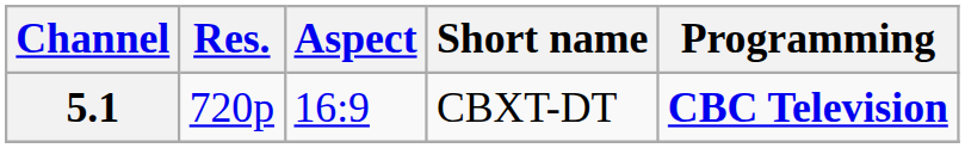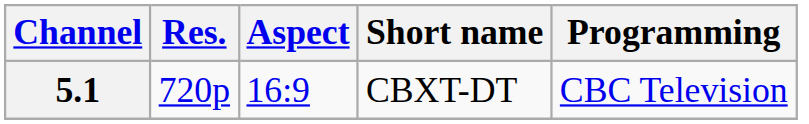 <table class="wikitable">
 <tr>
 <th scope = "col"><a href='#'>Channel</a></th>
 <th scope = "col"><a href='#'>Res.</a></th>
 <th scope = "col"><a href='#'>Aspect</a></th>
 <th scope = "col">Short name</th>
 <th scope = "col">Programming</th>
 </tr>
 <tr>
 <th scope = "col">5.1</th>
 <td><a href='#'>720p</a></td>
 <td><a href='#'>16:9</a></td>
 <td>CBXT-DT</td>
-<td><strong><a href='#'>CBC Television</a></strong></td>
+<td><a href='#'>CBC Television</a></td>
 </tr>
 <tr>
 </tr>
 </table>
